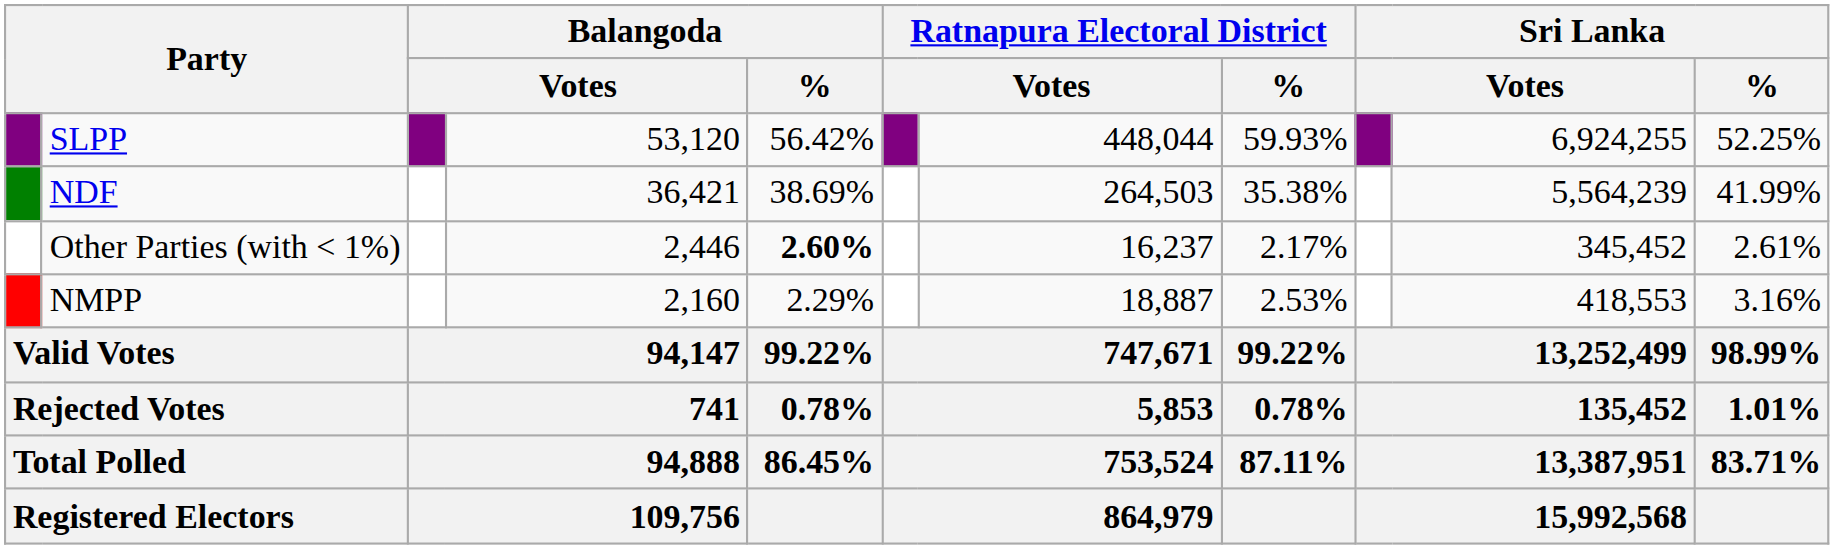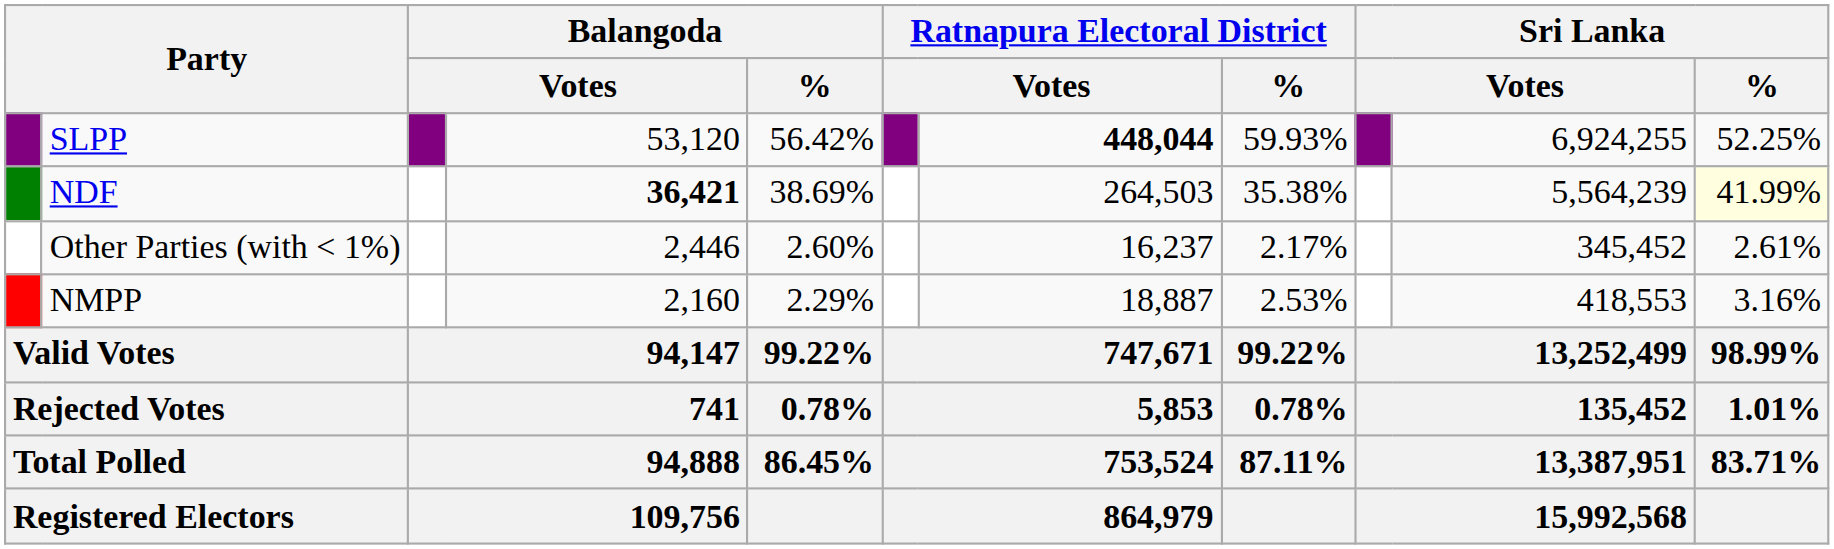 <table class="wikitable">
 <tr>
 <th colspan="2" width="144px"rowspan="2">Party</th>
 <th colspan="3" width="216px">Balangoda</th>
 <th colspan="3" width="216px"><a href='#'>Ratnapura Electoral District</a></th>
 <th colspan="3" width="216px">Sri Lanka</th>
 </tr>
 <tr>
 <th colspan="2" width="144px">Votes</th>
 <th>%</th>
 <th colspan="2" width="144px">Votes</th>
 <th>%</th>
 <th colspan="2" width="144px">Votes</th>
 <th>%</th>
 </tr>
 <tr>
 <td style="background-color:purple;" width="10px"></td>
 <td style="text-align:left;"><a href='#'>SLPP</a></td>
 <td style="background-color:purple;" width="10px"></td>
 <td style="text-align:right;">53,120</td>
 <td style="text-align:right;">56.42%</td>
 <td style="background-color:purple;" width="10px"></td>
-<td style="text-align:right;">448,044</td>
+<td style="text-align:right;"><strong>448,044</strong></td>
 <td style="text-align:right;">59.93%</td>
 <td style="background-color:purple;" width="10px"></td>
 <td style="text-align:right;">6,924,255</td>
 <td style="text-align:right;">52.25%</td>
 </tr>
 <tr>
 <td style="background-color:green;" width="10px"></td>
 <td style="text-align:left;"><a href='#'>NDF</a></td>
 <td style="background-color:white;" width="10px"></td>
-<td style="text-align:right;">36,421</td>
+<td style="text-align:right;"><strong>36,421</strong></td>
 <td style="text-align:right;">38.69%</td>
 <td style="background-color:white;" width="10px"></td>
 <td style="text-align:right;">264,503</td>
 <td style="text-align:right;">35.38%</td>
 <td style="background-color:white;" width="10px"></td>
 <td style="text-align:right;">5,564,239</td>
-<td style="text-align:right;">41.99%</td>
+<td style="background: lightyellow; text-align:right;">41.99%</td>
 </tr>
 <tr>
 <td style="background-color:white;" width="10px"></td>
 <td style="text-align:left;">Other Parties (with < 1%)</td>
 <td style="background-color:white;" width="10px"></td>
 <td style="text-align:right;">2,446</td>
-<td style="text-align:right;"><strong>2.60%</strong></td>
+<td style="text-align:right;">2.60%</td>
 <td style="background-color:white;" width="10px"></td>
 <td style="text-align:right;">16,237</td>
 <td style="text-align:right;">2.17%</td>
 <td style="background-color:white;" width="10px"></td>
 <td style="text-align:right;">345,452</td>
 <td style="text-align:right;">2.61%</td>
 </tr>
 <tr>
 <td style="background-color:red;" width="10px"></td>
 <td style="text-align:left;">NMPP</td>
 <td style="background-color:white;" width="10px"></td>
 <td style="text-align:right;">2,160</td>
 <td style="text-align:right;">2.29%</td>
 <td style="background-color:white;" width="10px"></td>
 <td style="text-align:right;">18,887</td>
 <td style="text-align:right;">2.53%</td>
 <td style="background-color:white;" width="10px"></td>
 <td style="text-align:right;">418,553</td>
 <td style="text-align:right;">3.16%</td>
 </tr>
 <tr>
 <th colspan="2" width="144px"style="text-align:left;">Valid Votes</th>
 <th style="text-align:right;"colspan="2" width="144px">94,147</th>
 <th style="text-align:right;">99.22%</th>
 <th style="text-align:right;"colspan="2" width="144px">747,671</th>
 <th style="text-align:right;">99.22%</th>
 <th style="text-align:right;"colspan="2" width="144px">13,252,499</th>
 <th style="text-align:right;">98.99%</th>
 </tr>
 <tr>
 <th colspan="2" width="144px"style="text-align:left;">Rejected Votes</th>
 <th style="text-align:right;"colspan="2" width="144px">741</th>
 <th style="text-align:right;">0.78%</th>
 <th style="text-align:right;"colspan="2" width="144px">5,853</th>
 <th style="text-align:right;">0.78%</th>
 <th style="text-align:right;"colspan="2" width="144px">135,452</th>
 <th style="text-align:right;">1.01%</th>
 </tr>
 <tr>
 <th colspan="2" width="144px"style="text-align:left;">Total Polled</th>
 <th style="text-align:right;"colspan="2" width="144px">94,888</th>
 <th style="text-align:right;">86.45%</th>
 <th style="text-align:right;"colspan="2" width="144px">753,524</th>
 <th style="text-align:right;">87.11%</th>
 <th style="text-align:right;"colspan="2" width="144px">13,387,951</th>
 <th style="text-align:right;">83.71%</th>
 </tr>
 <tr>
 <th colspan="2" width="144px"style="text-align:left;">Registered Electors</th>
 <th style="text-align:right;"colspan="2" width="144px">109,756</th>
 <th></th>
 <th style="text-align:right;"colspan="2" width="144px">864,979</th>
 <th></th>
 <th style="text-align:right;"colspan="2" width="144px">15,992,568</th>
 <th></th>
 </tr>
 </table>
